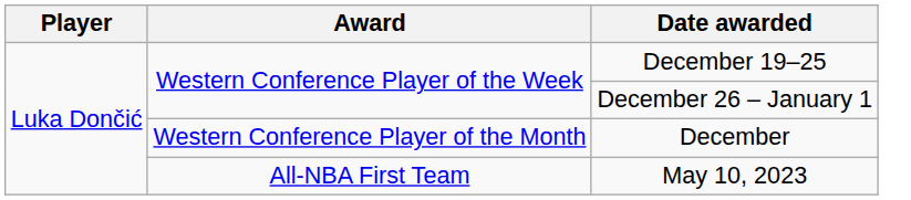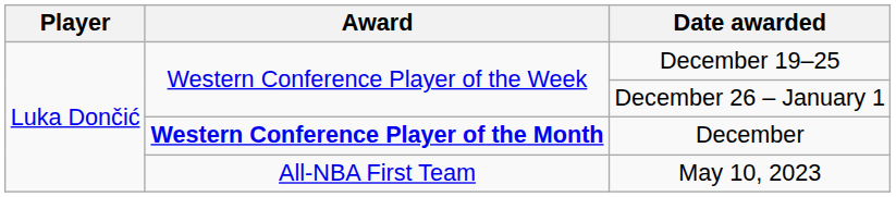 <table class="wikitable sortable">
 <tr>
 <th>Player</th>
 <th>Award</th>
 <th>Date awarded</th>
 </tr>
 <tr style="text-align: center">
 <td rowspan=4><a href='#'>Luka Dončić</a></td>
 <td rowspan=2><a href='#'>Western Conference Player of the Week</a></td>
 <td>December 19–25</td>
 </tr>
 <tr style="text-align: center">
 <td>December 26 – January 1</td>
 </tr>
 <tr style="text-align: center">
-<td><a href='#'>Western Conference Player of the Month</a></td>
+<td><strong><a href='#'>Western Conference Player of the Month</a></strong></td>
 <td>December</td>
 </tr>
 <tr style="text-align: center">
 <td><a href='#'>All-NBA First Team</a></td>
 <td>May 10, 2023</td>
 </tr>
 </table>
